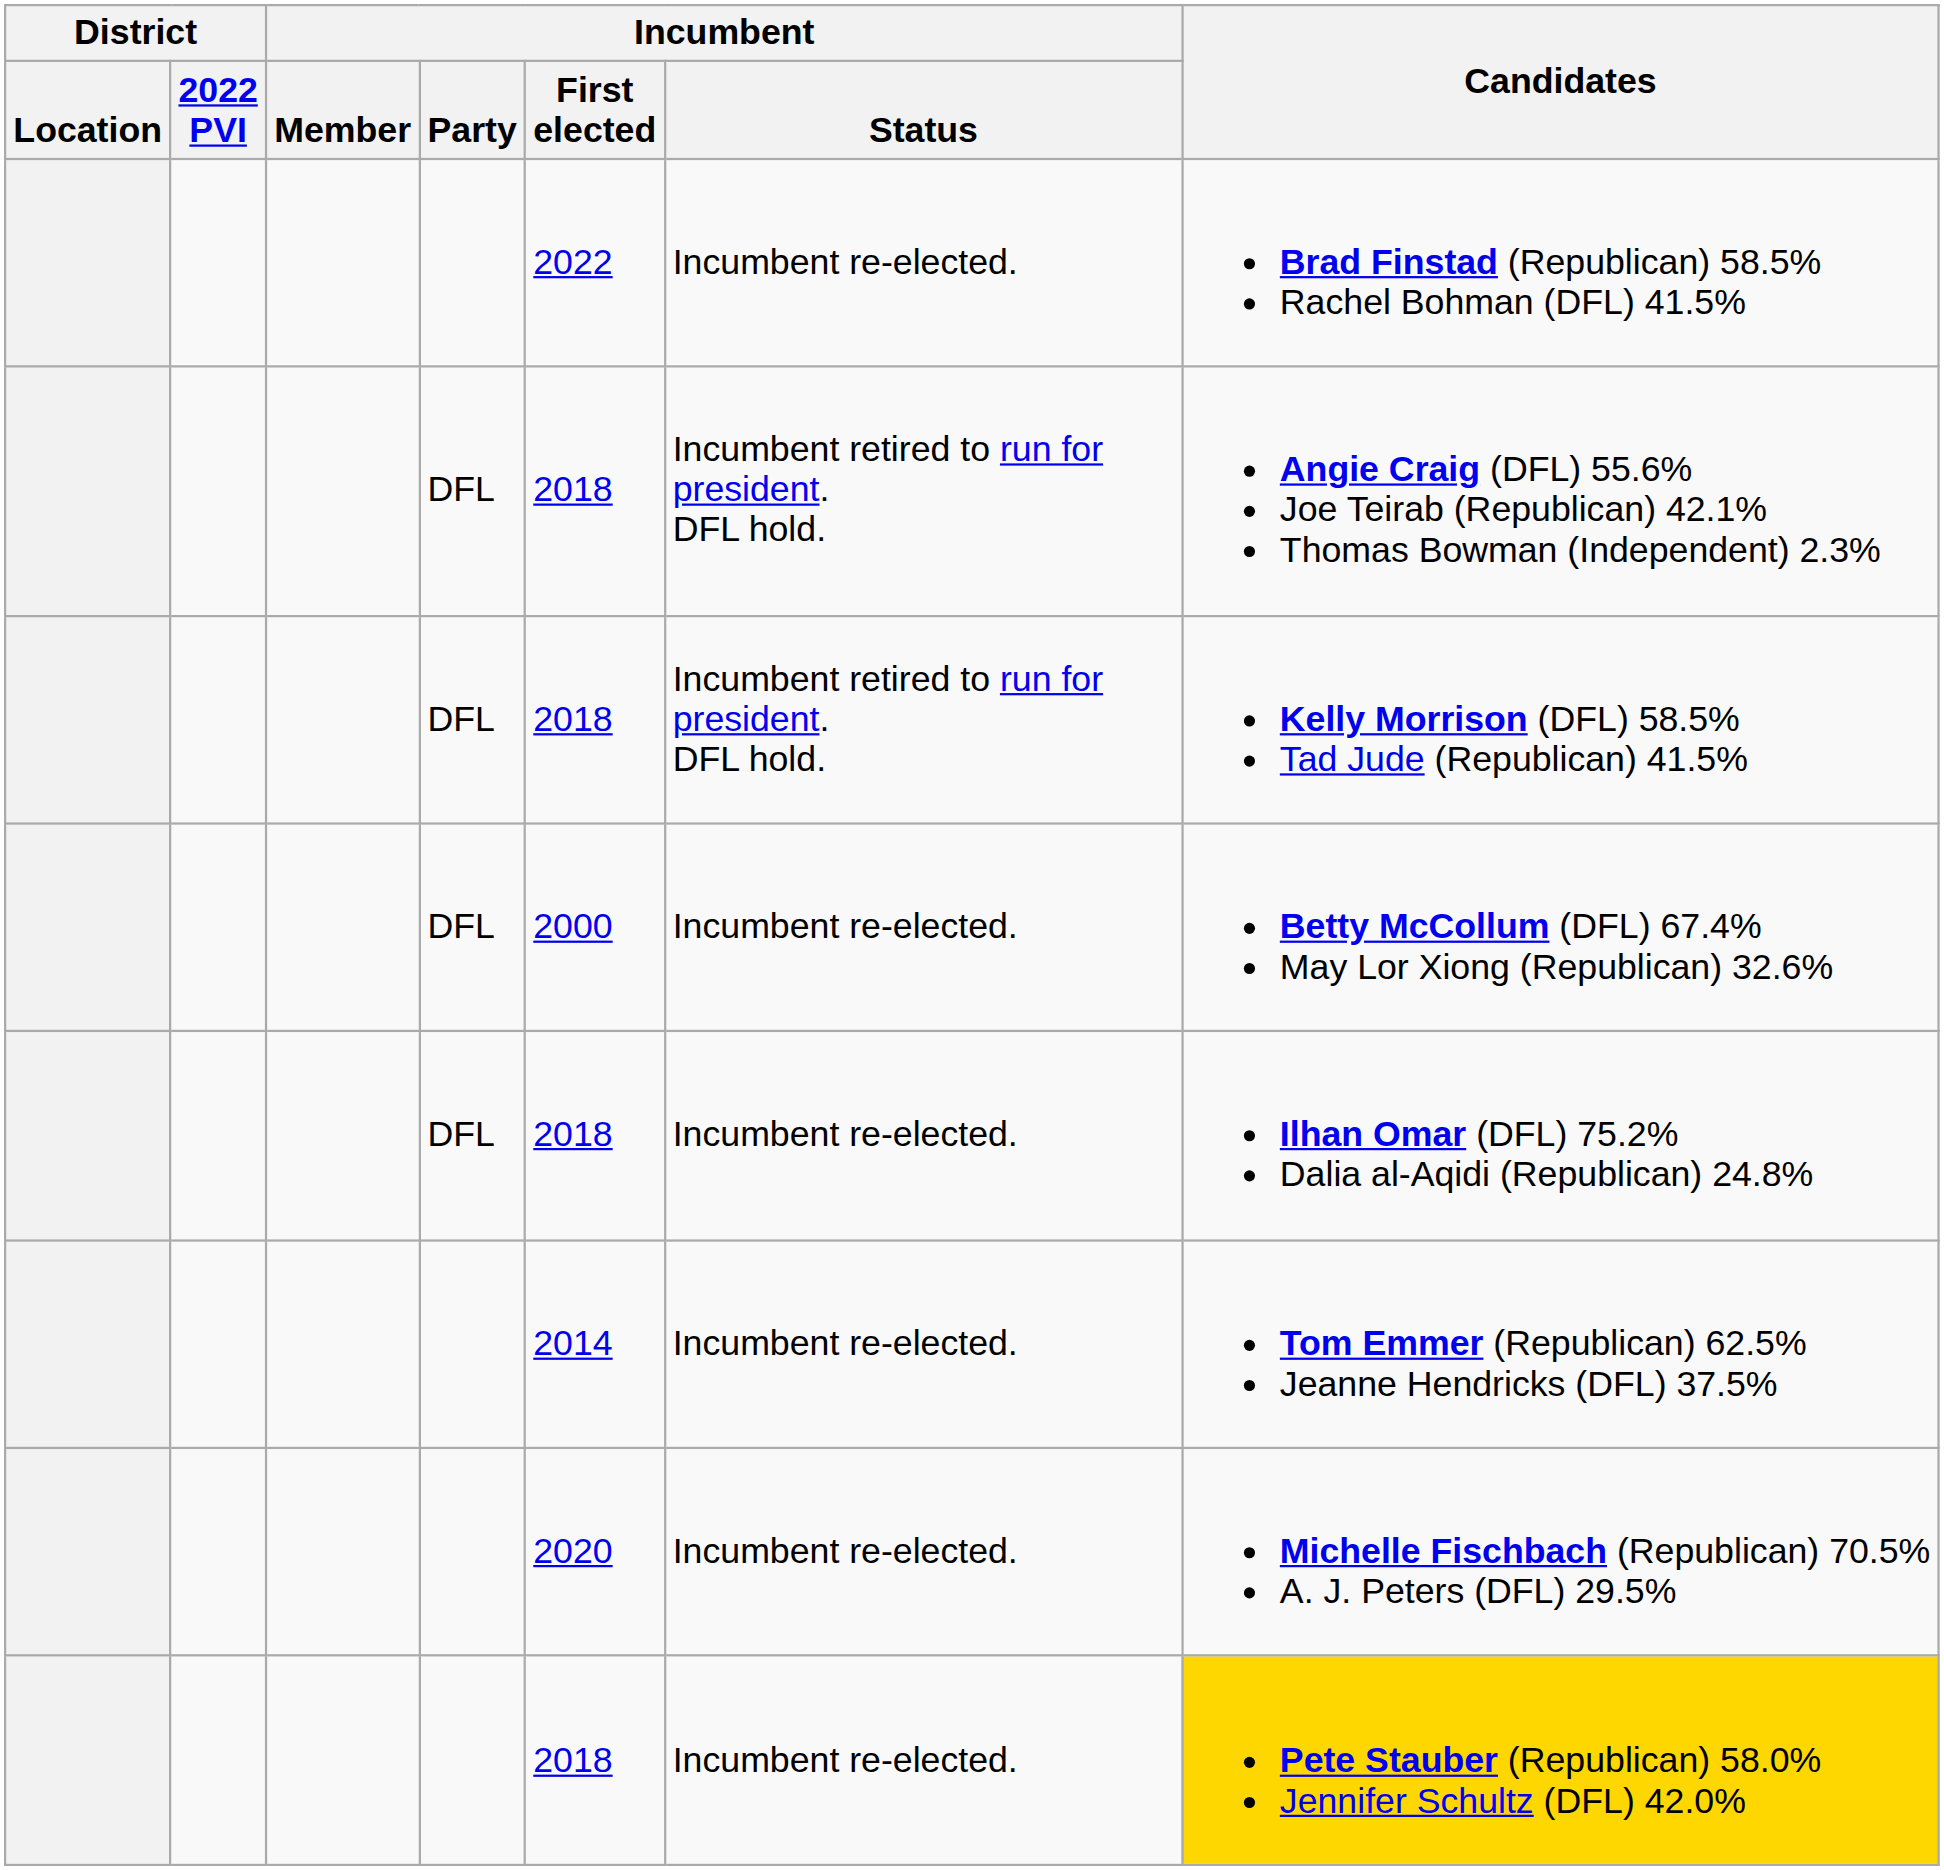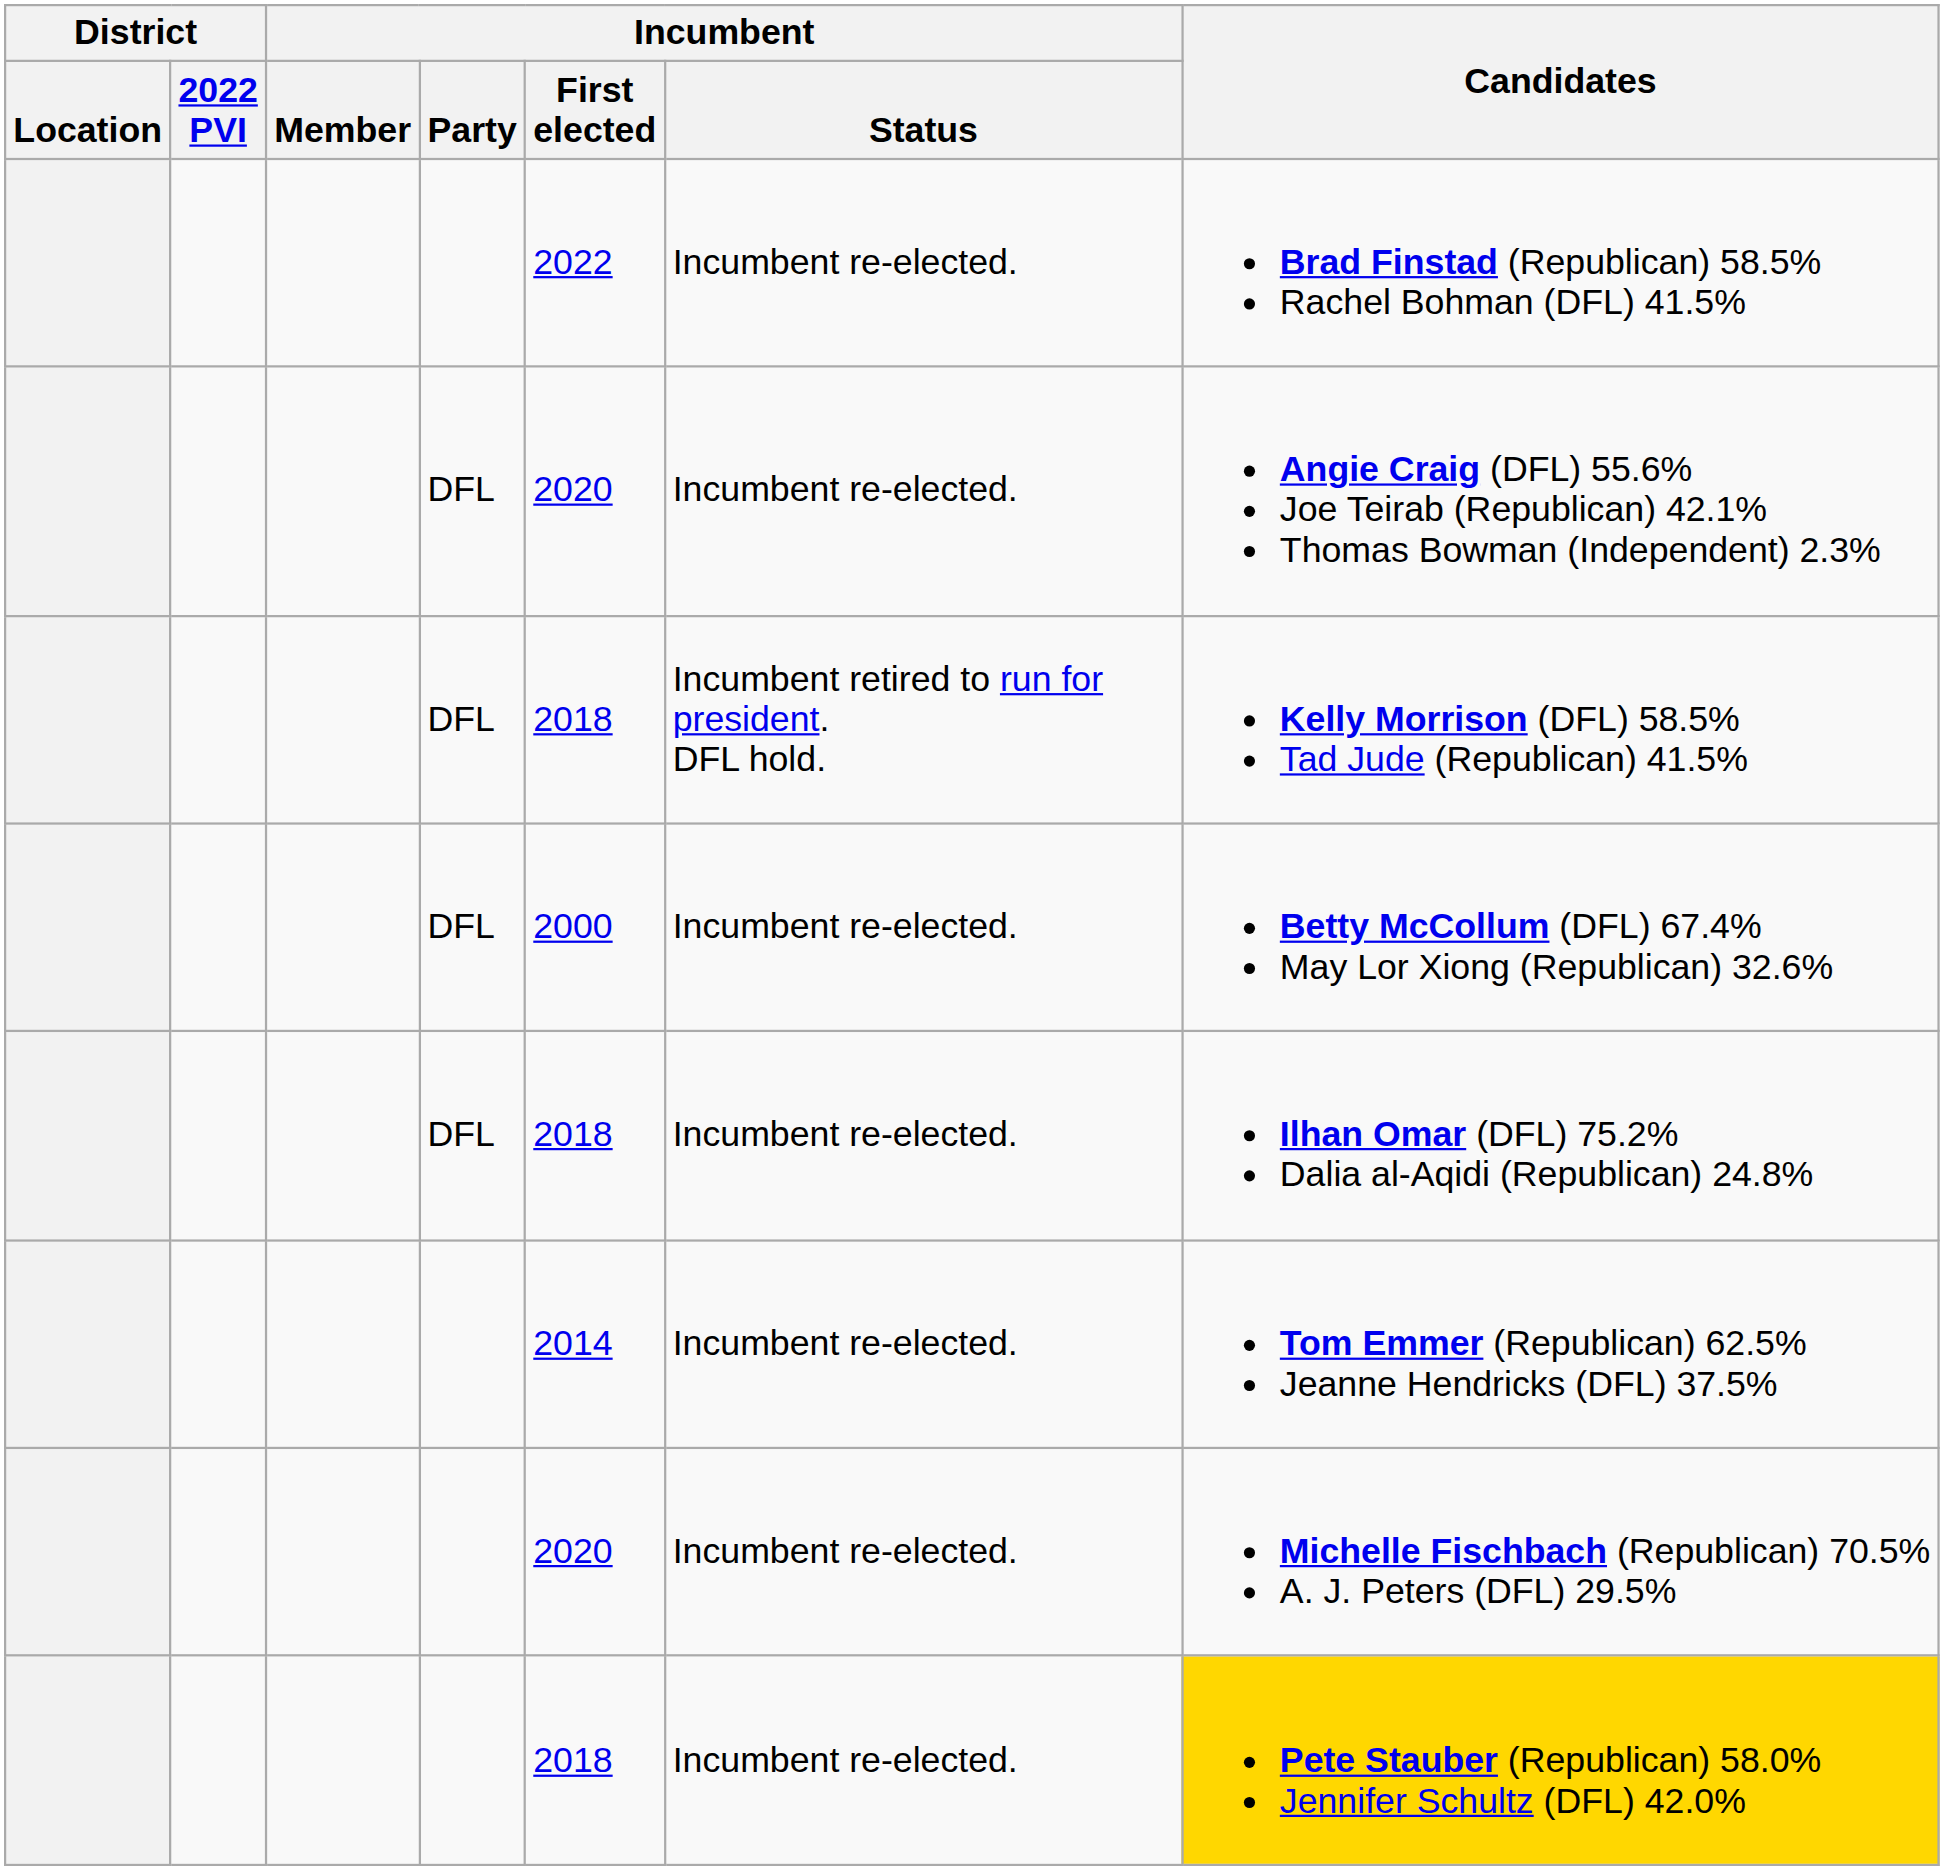 <table class="wikitable sortable">
 <tr>
 <th colspan=2>District</th>
 <th colspan=4>Incumbent</th>
 <th rowspan=2 class="unsortable">Candidates</th>
 </tr>
 <tr valign=bottom>
 <th>Location</th>
 <th><a href='#'>2022<br>PVI</a></th>
 <th>Member</th>
 <th>Party</th>
 <th>First<br>elected</th>
 <th>Status</th>
 </tr>
 <tr>
 <th></th>
 <td></td>
 <td></td>
 <td></td>
 <td><a href='#'>2022 </a></td>
 <td>Incumbent re-elected.</td>
 <td nowrap><br><ul><li> <strong><a href='#'>Brad Finstad</a></strong> (Republican) 58.5%</li><li>Rachel Bohman (DFL) 41.5%</li></ul></td>
 </tr>
 <tr>
 <th></th>
 <td></td>
 <td></td>
 <td>DFL</td>
-<td><a href='#'>2018</a></td>
-<td>Incumbent retired to <a href='#'>run for president</a>.<br>DFL hold.</td>
+<td><a href='#'>2020</a></td>
+<td>Incumbent re-elected.</td>
 <td nowrap><br><ul><li> <strong><a href='#'>Angie Craig</a></strong> (DFL) 55.6%</li><li>Joe Teirab (Republican) 42.1%</li><li>Thomas Bowman (Independent) 2.3%</li></ul></td>
 </tr>
 <tr>
 <th></th>
 <td></td>
 <td></td>
 <td>DFL</td>
 <td><a href='#'>2018</a></td>
 <td>Incumbent retired to <a href='#'>run for president</a>.<br>DFL hold.</td>
 <td nowrap><br><ul><li> <strong><a href='#'>Kelly Morrison</a></strong> (DFL) 58.5%</li><li><a href='#'>Tad Jude</a> (Republican) 41.5%</li></ul></td>
 </tr>
 <tr>
 <th></th>
 <td></td>
 <td></td>
 <td>DFL</td>
 <td><a href='#'>2000</a></td>
 <td>Incumbent re-elected.</td>
 <td nowrap><br><ul><li> <strong><a href='#'>Betty McCollum</a></strong> (DFL) 67.4%</li><li>May Lor Xiong (Republican) 32.6%</li></ul></td>
 </tr>
 <tr>
 <th></th>
 <td></td>
 <td></td>
 <td>DFL</td>
 <td><a href='#'>2018</a></td>
 <td>Incumbent re-elected.</td>
 <td nowrap><br><ul><li> <strong><a href='#'>Ilhan Omar</a></strong> (DFL) 75.2%</li><li>Dalia al-Aqidi (Republican) 24.8%</li></ul></td>
 </tr>
 <tr>
 <th></th>
 <td></td>
 <td></td>
 <td></td>
 <td><a href='#'>2014</a></td>
 <td>Incumbent re-elected.</td>
 <td nowrap><br><ul><li> <strong><a href='#'>Tom Emmer</a></strong> (Republican) 62.5%</li><li>Jeanne Hendricks (DFL) 37.5%</li></ul></td>
 </tr>
 <tr>
 <th></th>
 <td></td>
 <td></td>
 <td></td>
 <td><a href='#'>2020</a></td>
 <td>Incumbent re-elected.</td>
 <td nowrap><br><ul><li> <strong><a href='#'>Michelle Fischbach</a></strong> (Republican) 70.5%</li><li>A. J. Peters (DFL) 29.5%</li></ul></td>
 </tr>
 <tr>
 <th></th>
 <td></td>
 <td></td>
 <td></td>
 <td><a href='#'>2018</a></td>
 <td>Incumbent re-elected.</td>
 <td nowrap style="background: gold;"><br><ul><li> <strong><a href='#'>Pete Stauber</a></strong> (Republican) 58.0%</li><li><a href='#'>Jennifer Schultz</a> (DFL) 42.0%</li></ul></td>
 </tr>
 </table>
